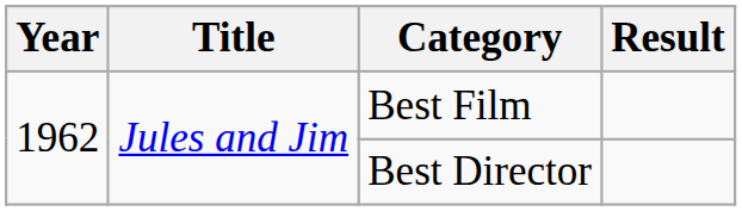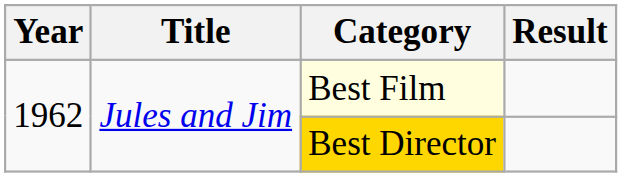 <table class="wikitable">
 <tr>
 <th>Year</th>
 <th>Title</th>
 <th>Category</th>
 <th>Result</th>
 </tr>
 <tr>
 <td rowspan=2>1962</td>
 <td rowspan=2><em><a href='#'>Jules and Jim</a></em></td>
-<td>Best Film</td>
+<td style="background: lightyellow;">Best Film</td>
 <td></td>
 </tr>
 <tr>
-<td>Best Director</td>
+<td style="background: gold;">Best Director</td>
 <td></td>
 </tr>
 </table>
